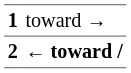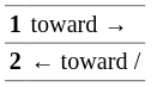 <table border="1" cellspacing="0" cellpadding="3" frame="hsides" rules="rows">
 <tr>
 <th><span>1</span></th>
 <td>  toward  →</td>
 </tr>
 <tr>
 <th><span>2</span></th>
-<td><strong>←  toward  / </strong></td>
+<td>←  toward  / </td>
 </tr>
 </table>
